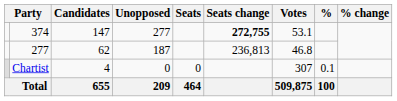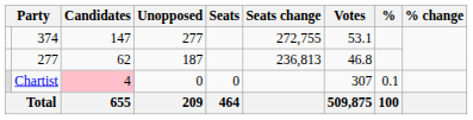 <table class="wikitable sortable">
 <tr>
 <th colspan=2>Party</th>
 <th>Candidates</th>
 <th>Unopposed</th>
 <th>Seats</th>
 <th>Seats change</th>
 <th>Votes</th>
 <th>%</th>
 <th>% change</th>
 </tr>
 <tr>
 <td></td>
 <td align=right>374</td>
 <td align=right>147</td>
 <td align=right>277</td>
 <td align=right></td>
-<td align=right><strong>272,755</strong></td>
+<td align=right>272,755</td>
 <td align=right>53.1</td>
 <td align=right></td>
 </tr>
 <tr>
 <td></td>
 <td align=right>277</td>
 <td align=right>62</td>
 <td align=right>187</td>
 <td align=right></td>
 <td align=right>236,813</td>
 <td align=right>46.8</td>
 <td align=right></td>
 </tr>
 <tr>
 <td bgcolor="#DDDDDD"></td>
 <td><a href='#'>Chartist</a></td>
-<td align=right>4</td>
+<td align=right style="background: pink;">4</td>
 <td align=right>0</td>
 <td align=right>0</td>
 <td align=right></td>
 <td align=right>307</td>
 <td align=right>0.1</td>
 <td align=right></td>
 </tr>
 <tr class="sortbottom" style="font-weight: bold; text-align: right; background: #f2f2f2;">
 <th colspan="2" style="padding-left: 1.5em; text-align: left;">Total</th>
 <td align=right>655</td>
 <td align=right>209</td>
 <td align=right>464</td>
 <td align=right></td>
 <td align=right>509,875</td>
 <td align=right>100</td>
 <td align=right></td>
 </tr>
 </table>
